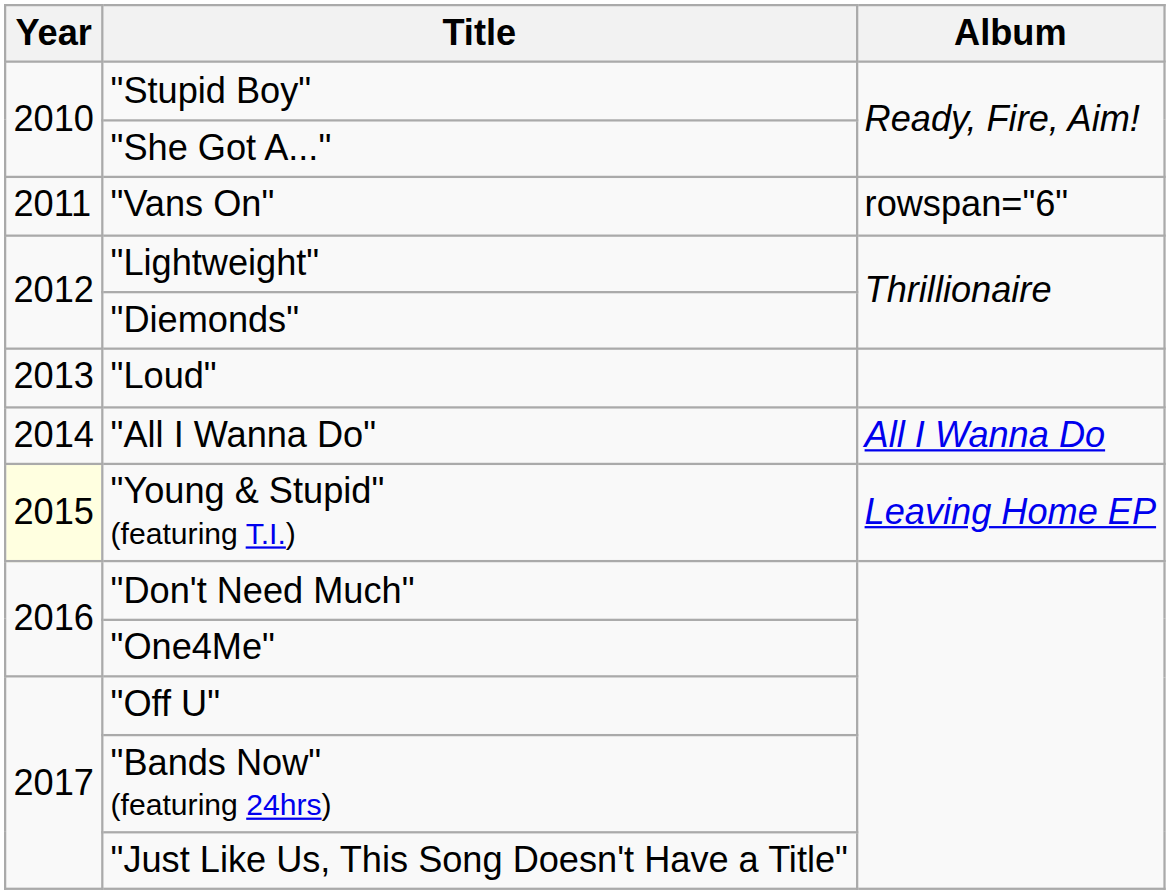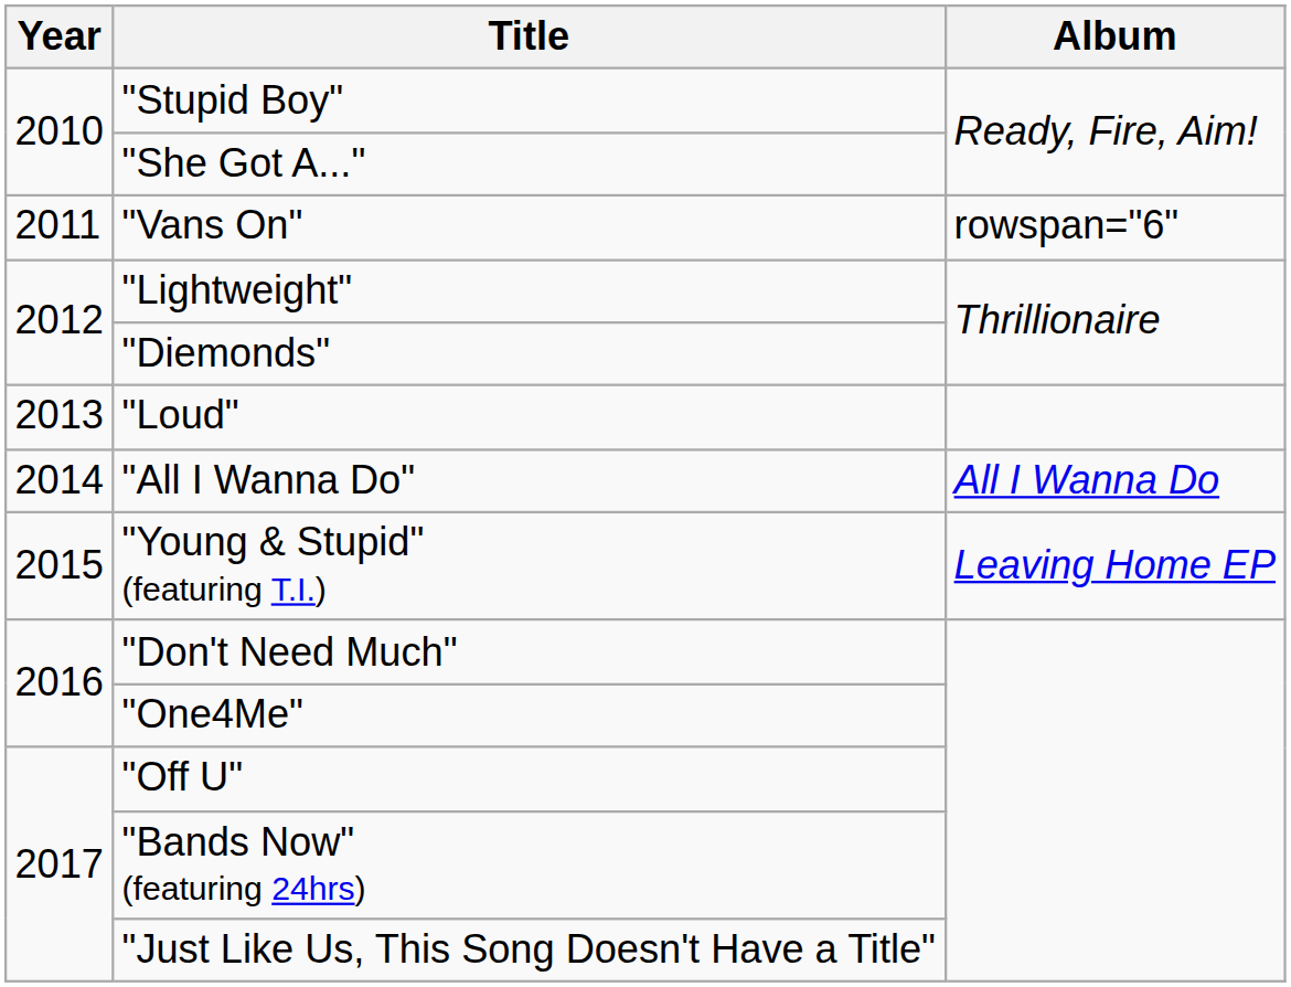 <table class="wikitable">
 <tr>
 <th>Year</th>
 <th>Title</th>
 <th>Album</th>
 </tr>
 <tr>
 <td rowspan="2">2010</td>
 <td align=left>"Stupid Boy"</td>
 <td rowspan="2"><em>Ready, Fire, Aim!</em></td>
 </tr>
 <tr>
 <td align=left>"She Got A..."</td>
 </tr>
 <tr>
 <td>2011</td>
 <td align=left>"Vans On"</td>
 <td>rowspan="6" </td>
 </tr>
 <tr>
 <td rowspan="2">2012</td>
 <td align=left>"Lightweight"</td>
 <td rowspan="2"><em>Thrillionaire</em></td>
 </tr>
 <tr>
 <td align=left>"Diemonds"</td>
 </tr>
 <tr>
 <td>2013</td>
 <td align=left>"Loud"</td>
 <td></td>
 </tr>
 <tr>
 <td>2014</td>
 <td align=left>"All I Wanna Do"</td>
 <td><em><a href='#'>All I Wanna Do</a></em></td>
 </tr>
 <tr>
-<td style="background: lightyellow;">2015</td>
+<td>2015</td>
 <td align=left>"Young & Stupid"<br><small>(featuring <a href='#'>T.I.</a>)</small></td>
 <td><em><a href='#'>Leaving Home EP</a></em></td>
 </tr>
 <tr>
 <td rowspan="2">2016</td>
 <td align=left>"Don't Need Much"</td>
 </tr>
 <tr>
 <td align=left>"One4Me"</td>
 </tr>
 <tr>
 <td rowspan="3">2017</td>
 <td align=left>"Off U"</td>
 </tr>
 <tr>
 <td align=left>"Bands Now" <br><small>(featuring <a href='#'>24hrs</a>)</small></td>
 </tr>
 <tr>
 <td align=left>"Just Like Us, This Song Doesn't Have a Title"</td>
 </tr>
 </table>
